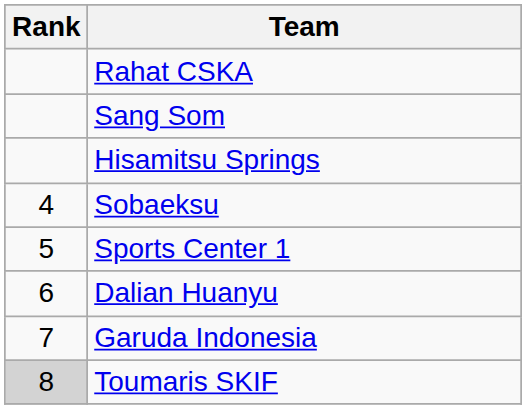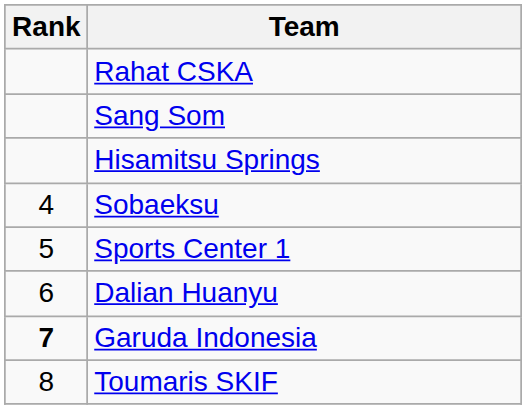 <table class="wikitable" style="text-align: center;">
 <tr>
 <th width=40>Rank</th>
 <th width=240>Team</th>
 </tr>
 <tr>
 <td></td>
 <td align="left"> <a href='#'>Rahat CSKA</a></td>
 </tr>
 <tr>
 <td></td>
 <td align="left"> <a href='#'>Sang Som</a></td>
 </tr>
 <tr>
 <td></td>
 <td align="left"> <a href='#'>Hisamitsu Springs</a></td>
 </tr>
 <tr>
 <td>4</td>
 <td align="left"> <a href='#'>Sobaeksu</a></td>
 </tr>
 <tr>
 <td>5</td>
 <td align="left"> <a href='#'>Sports Center 1</a></td>
 </tr>
 <tr>
 <td>6</td>
 <td align="left"> <a href='#'>Dalian Huanyu</a></td>
 </tr>
 <tr>
-<td>7</td>
+<td><strong>7</strong></td>
 <td align="left"> <a href='#'>Garuda Indonesia</a></td>
 </tr>
 <tr>
-<td style="background: lightgrey;">8</td>
+<td>8</td>
 <td align="left"> <a href='#'>Toumaris SKIF</a></td>
 </tr>
 </table>
